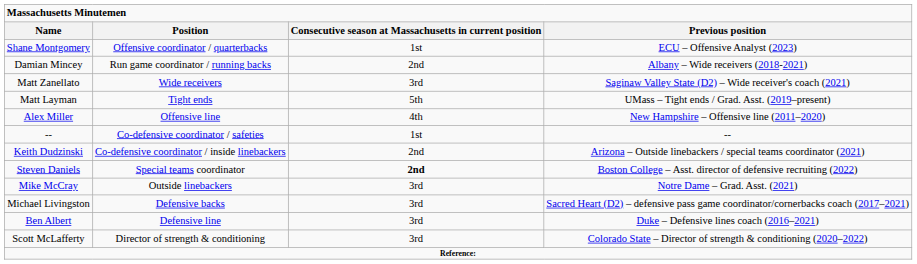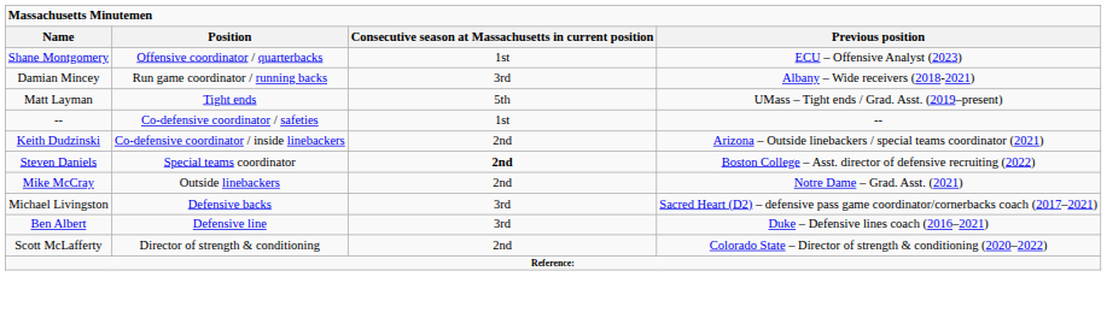 <table class="wikitable" style="font-size:90%;">
 <tr>
 <td colspan=4><strong>Massachusetts Minutemen</strong></td>
 </tr>
 <tr align="center";>
 <th>Name</th>
 <th>Position</th>
 <th>Consecutive season at Massachusetts in current position</th>
 <th>Previous position</th>
 </tr>
 <tr align="center";>
 <td><a href='#'>Shane Montgomery</a></td>
 <td><a href='#'>Offensive coordinator</a> / <a href='#'>quarterbacks</a></td>
 <td>1st</td>
 <td><a href='#'>ECU</a> – Offensive Analyst (<a href='#'>2023</a>)</td>
 </tr>
 <tr align="center";>
 <td>Damian Mincey</td>
 <td>Run game coordinator / <a href='#'>running backs</a></td>
-<td>2nd</td>
+<td>3rd</td>
 <td><a href='#'>Albany</a> – Wide receivers (<a href='#'>2018</a>-<a href='#'>2021</a>)</td>
-</tr>
-<tr align="center";>
-<td>Matt Zanellato</td>
-<td><a href='#'>Wide receivers</a></td>
-<td>3rd</td>
-<td><a href='#'>Saginaw Valley State (D2)</a> – Wide receiver's coach (<a href='#'>2021</a>)</td>
 </tr>
 <tr align="center";>
 <td>Matt Layman</td>
 <td><a href='#'>Tight ends</a></td>
 <td>5th</td>
 <td>UMass – Tight ends / Grad. Asst. (<a href='#'>2019</a>–present)</td>
-</tr>
-<tr align="center";>
-<td><a href='#'>Alex Miller</a></td>
-<td><a href='#'>Offensive line</a></td>
-<td>4th</td>
-<td><a href='#'>New Hampshire</a> – Offensive line (<a href='#'>2011</a>–<a href='#'>2020</a>)</td>
 </tr>
 <tr align="center";>
 <td>--</td>
 <td><a href='#'>Co-defensive coordinator</a> / <a href='#'>safeties</a></td>
 <td>1st</td>
 <td>--</td>
 </tr>
 <tr align="center";>
 <td><a href='#'>Keith Dudzinski</a></td>
 <td><a href='#'>Co-defensive coordinator</a> / inside <a href='#'>linebackers</a></td>
 <td>2nd</td>
 <td><a href='#'>Arizona</a> – Outside linebackers / special teams coordinator (<a href='#'>2021</a>)</td>
 </tr>
 <tr align="center";>
 <td><a href='#'>Steven Daniels</a></td>
 <td><a href='#'>Special teams</a> coordinator</td>
 <td><strong>2nd</strong></td>
 <td><a href='#'>Boston College</a> – Asst. director of defensive recruiting (<a href='#'>2022</a>)</td>
 </tr>
 <tr align="center";>
 <td><a href='#'>Mike McCray</a></td>
 <td>Outside <a href='#'>linebackers</a></td>
-<td>3rd</td>
+<td>2nd</td>
 <td><a href='#'>Notre Dame</a> – Grad. Asst. (<a href='#'>2021</a>)</td>
 </tr>
 <tr align="center";>
 <td>Michael Livingston</td>
 <td><a href='#'>Defensive backs</a></td>
 <td>3rd</td>
 <td><a href='#'>Sacred Heart (D2)</a> – defensive pass game coordinator/cornerbacks coach (<a href='#'>2017</a>–<a href='#'>2021</a>)</td>
 </tr>
 <tr align="center";>
 <td><a href='#'>Ben Albert</a></td>
 <td><a href='#'>Defensive line</a></td>
 <td>3rd</td>
 <td><a href='#'>Duke</a> – Defensive lines coach (<a href='#'>2016</a>–<a href='#'>2021</a>)</td>
 </tr>
 <tr align="center";>
 <td>Scott McLafferty</td>
 <td>Director of strength & conditioning</td>
-<td>3rd</td>
+<td>2nd</td>
 <td><a href='#'>Colorado State</a> – Director of strength & conditioning (<a href='#'>2020</a>–<a href='#'>2022</a>)</td>
 </tr>
 <tr>
 <td colspan="4"  style="font-size:8pt; text-align:center;"><strong>Reference:</strong></td>
 </tr>
 </table>
